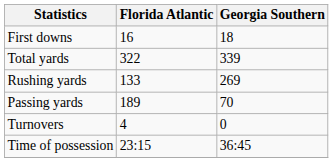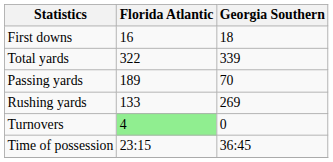 <table class="wikitable">
 <tr>
 <th>Statistics</th>
 <th>Florida Atlantic</th>
 <th>Georgia Southern</th>
 </tr>
 <tr>
 <td>First downs</td>
 <td>16</td>
 <td>18</td>
 </tr>
 <tr>
 <td>Total yards</td>
 <td>322</td>
 <td>339</td>
 </tr>
 <tr>
+<td>Passing yards</td>
+<td>189</td>
+<td>70</td>
+</tr>
+<tr>
 <td>Rushing yards</td>
 <td>133</td>
 <td>269</td>
 </tr>
 <tr>
-<td>Passing yards</td>
-<td>189</td>
-<td>70</td>
-</tr>
-<tr>
 <td>Turnovers</td>
-<td>4</td>
+<td style="background: lightgreen;">4</td>
 <td>0</td>
 </tr>
 <tr>
 <td>Time of possession</td>
 <td>23:15</td>
 <td>36:45</td>
 </tr>
 <tr>
 </tr>
 </table>
